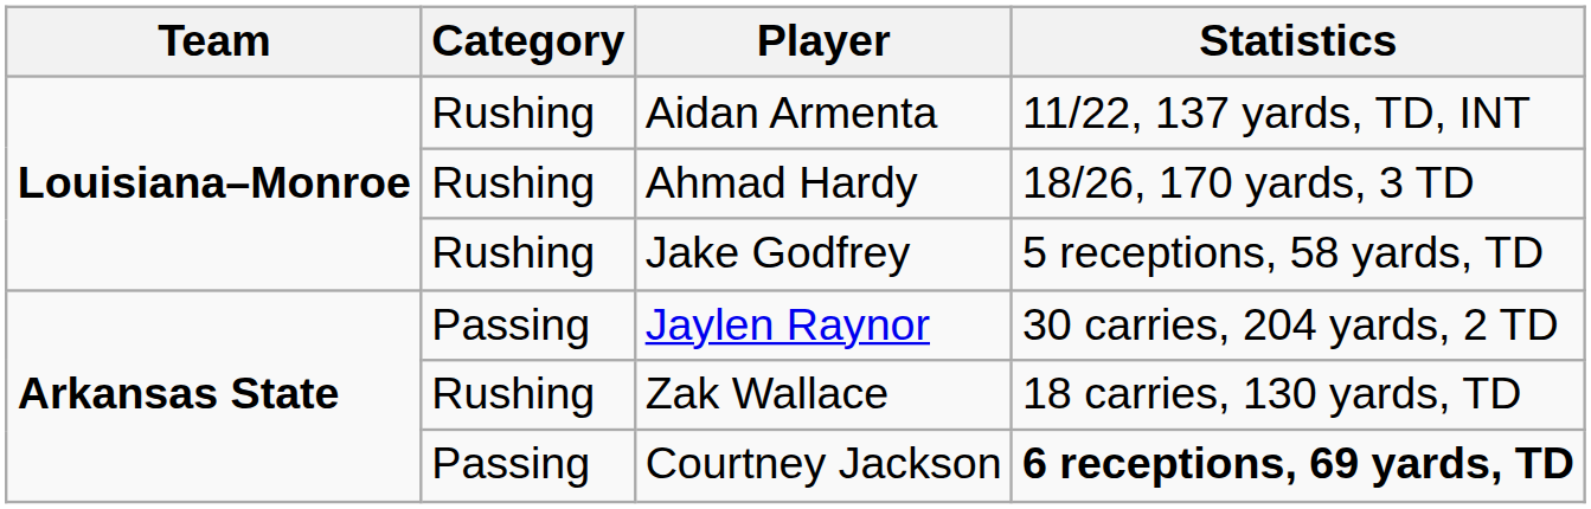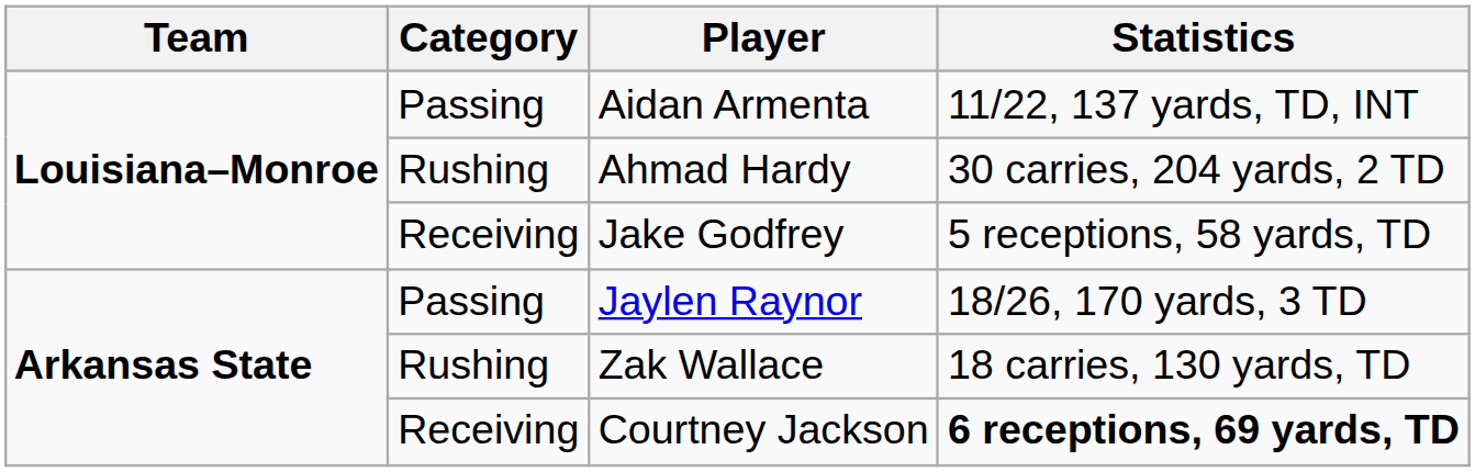 <table class="wikitable" style="float: right;">
 <tr>
 <th>Team</th>
 <th>Category</th>
 <th>Player</th>
 <th>Statistics</th>
 </tr>
 <tr>
 <td rowspan=3><strong>Louisiana–Monroe</strong></td>
-<td>Rushing</td>
+<td>Passing</td>
 <td>Aidan Armenta</td>
 <td>11/22, 137 yards, TD, INT</td>
 </tr>
 <tr>
 <td>Rushing</td>
 <td>Ahmad Hardy</td>
-<td>18/26, 170 yards, 3 TD</td>
+<td>30 carries, 204 yards, 2 TD</td>
 </tr>
 <tr>
-<td>Rushing</td>
+<td>Receiving</td>
 <td>Jake Godfrey</td>
 <td>5 receptions, 58 yards, TD</td>
 </tr>
 <tr>
 <td rowspan=3><strong>Arkansas State</strong></td>
 <td>Passing</td>
 <td><a href='#'>Jaylen Raynor</a></td>
-<td>30 carries, 204 yards, 2 TD</td>
+<td>18/26, 170 yards, 3 TD</td>
 </tr>
 <tr>
 <td>Rushing</td>
 <td>Zak Wallace</td>
 <td>18 carries, 130 yards, TD</td>
 </tr>
 <tr>
-<td>Passing</td>
+<td>Receiving</td>
 <td>Courtney Jackson</td>
 <td><strong>6 receptions, 69 yards, TD</strong></td>
 </tr>
 </table>
